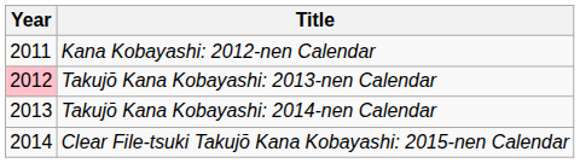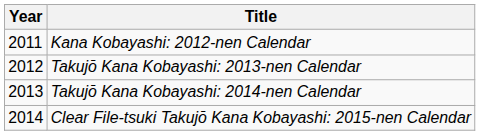 <table class="wikitable">
 <tr>
 <th>Year</th>
 <th>Title</th>
 </tr>
 <tr>
 <td>2011</td>
 <td><em>Kana Kobayashi: 2012-nen Calendar</em></td>
 </tr>
 <tr>
-<td style="background: pink;">2012</td>
+<td>2012</td>
 <td><em>Takujō Kana Kobayashi: 2013-nen Calendar</em></td>
 </tr>
 <tr>
 <td>2013</td>
 <td><em>Takujō Kana Kobayashi: 2014-nen Calendar</em></td>
 </tr>
 <tr>
 <td>2014</td>
 <td><em>Clear File-tsuki Takujō Kana Kobayashi: 2015-nen Calendar</em></td>
 </tr>
 </table>
